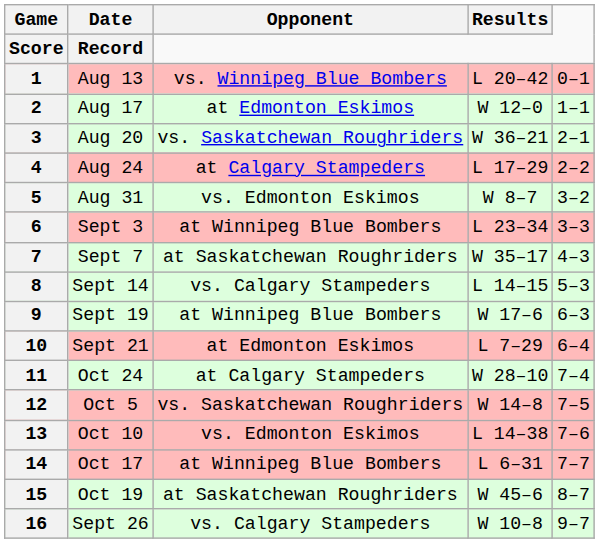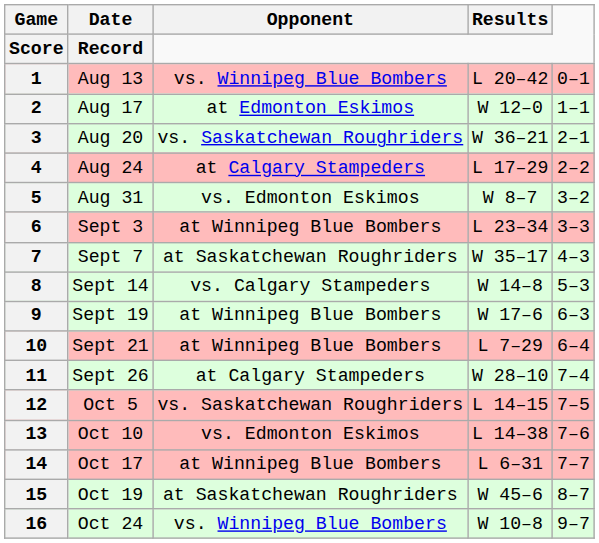 <table class="wikitable" style="text-align:center">
 <tr>
 <th>Game</th>
 <th>Date</th>
 <th>Opponent</th>
 <th>Results</th>
 </tr>
 <tr>
 <th>Score</th>
 <th>Record</th>
 </tr>
 <tr style="background:#ffbbbb">
 <th>1</th>
 <td>Aug 13</td>
 <td>vs. <a href='#'>Winnipeg Blue Bombers</a></td>
 <td>L 20–42</td>
 <td>0–1</td>
 </tr>
 <tr style="background:#ddffdd">
 <th>2</th>
 <td>Aug 17</td>
 <td>at <a href='#'>Edmonton Eskimos</a></td>
 <td>W 12–0</td>
 <td>1–1</td>
 </tr>
 <tr style="background:#ddffdd">
 <th>3</th>
 <td>Aug 20</td>
 <td>vs. <a href='#'>Saskatchewan Roughriders</a></td>
 <td>W 36–21</td>
 <td>2–1</td>
 </tr>
 <tr style="background:#ffbbbb">
 <th>4</th>
 <td>Aug 24</td>
 <td>at <a href='#'>Calgary Stampeders</a></td>
 <td>L 17–29</td>
 <td>2–2</td>
 </tr>
 <tr style="background:#ddffdd">
 <th>5</th>
 <td>Aug 31</td>
 <td>vs. Edmonton Eskimos</td>
 <td>W 8–7</td>
 <td>3–2</td>
 </tr>
 <tr style="background:#ffbbbb">
 <th>6</th>
 <td>Sept 3</td>
 <td>at Winnipeg Blue Bombers</td>
 <td>L 23–34</td>
 <td>3–3</td>
 </tr>
 <tr style="background:#ddffdd">
 <th>7</th>
 <td>Sept 7</td>
 <td>at Saskatchewan Roughriders</td>
 <td>W 35–17</td>
 <td>4–3</td>
 </tr>
 <tr style="background:#ddffdd">
 <th>8</th>
 <td>Sept 14</td>
 <td>vs. Calgary Stampeders</td>
-<td>L 14–15</td>
+<td>W 14–8</td>
 <td>5–3</td>
 </tr>
 <tr style="background:#ddffdd">
 <th>9</th>
 <td>Sept 19</td>
 <td>at Winnipeg Blue Bombers</td>
 <td>W 17–6</td>
 <td>6–3</td>
 </tr>
 <tr style="background:#ffbbbb">
 <th>10</th>
 <td>Sept 21</td>
-<td>at Edmonton Eskimos</td>
+<td>at Winnipeg Blue Bombers</td>
 <td>L 7–29</td>
 <td>6–4</td>
 </tr>
 <tr style="background:#ddffdd">
 <th>11</th>
-<td>Oct 24</td>
+<td>Sept 26</td>
 <td>at Calgary Stampeders</td>
 <td>W 28–10</td>
 <td>7–4</td>
 </tr>
 <tr style="background:#ffbbbb">
 <th>12</th>
 <td>Oct 5</td>
 <td>vs. Saskatchewan Roughriders</td>
-<td>W 14–8</td>
+<td>L 14–15</td>
 <td>7–5</td>
 </tr>
 <tr style="background:#ffbbbb">
 <th>13</th>
 <td>Oct 10</td>
 <td>vs. Edmonton Eskimos</td>
 <td>L 14–38</td>
 <td>7–6</td>
 </tr>
 <tr style="background:#ffbbbb">
 <th>14</th>
 <td>Oct 17</td>
 <td>at Winnipeg Blue Bombers</td>
 <td>L 6–31</td>
 <td>7–7</td>
 </tr>
 <tr style="background:#ddffdd">
 <th>15</th>
 <td>Oct 19</td>
 <td>at Saskatchewan Roughriders</td>
 <td>W 45–6</td>
 <td>8–7</td>
 </tr>
 <tr style="background:#ddffdd">
 <th>16</th>
-<td>Sept 26</td>
-<td>vs. Calgary Stampeders</td>
+<td>Oct 24</td>
+<td>vs. <a href='#'>Winnipeg Blue Bombers</a></td>
 <td>W 10–8</td>
 <td>9–7</td>
 </tr>
 </table>
